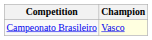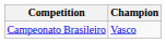 <table class="wikitable">
 <tr>
 <th>Competition</th>
 <th>Champion</th>
 </tr>
 <tr>
 <td><a href='#'>Campeonato Brasileiro</a></td>
-<td style="background: lightyellow;"><a href='#'>Vasco</a></td>
+<td><a href='#'>Vasco</a></td>
 </tr>
 </table>
